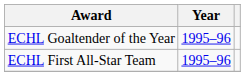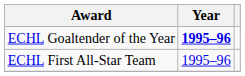 <table class="wikitable">
 <tr>
 <th>Award</th>
 <th>Year</th>
 <th></th>
 </tr>
 <tr>
 <td><a href='#'>ECHL</a> Goaltender of the Year</td>
-<td><a href='#'>1995–96</a></td>
+<td><strong><a href='#'>1995–96</a></strong></td>
 <td></td>
 </tr>
 <tr>
 <td><a href='#'>ECHL</a> First All-Star Team</td>
 <td><a href='#'>1995–96</a></td>
 <td></td>
 </tr>
 <tr>
 </tr>
 </table>
